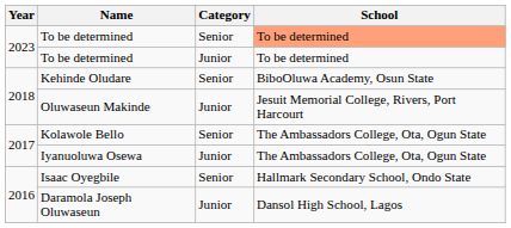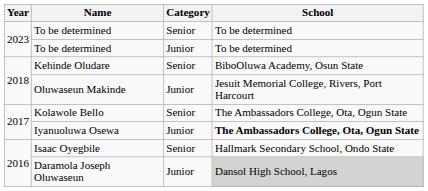 <table class="wikitable">
 <tr>
 <th>Year</th>
 <th>Name</th>
 <th>Category</th>
 <th>School</th>
 </tr>
 <tr>
 <td rowspan="2">2023</td>
 <td>To be determined</td>
 <td>Senior</td>
-<td style="background: lightsalmon;">To be determined</td>
+<td>To be determined</td>
 </tr>
 <tr>
 <td>To be determined</td>
 <td>Junior</td>
 <td>To be determined</td>
 </tr>
 <tr>
 <td rowspan="2">2018</td>
 <td>Kehinde Oludare</td>
 <td>Senior</td>
 <td>BiboOluwa Academy, Osun State</td>
 </tr>
 <tr>
 <td>Oluwaseun Makinde</td>
 <td>Junior</td>
 <td>Jesuit Memorial College, Rivers, Port Harcourt</td>
 </tr>
 <tr>
 <td rowspan="2">2017</td>
 <td>Kolawole Bello</td>
 <td>Senior</td>
 <td>The Ambassadors College, Ota, Ogun State</td>
 </tr>
 <tr>
 <td>Iyanuoluwa Osewa</td>
 <td>Junior</td>
-<td>The Ambassadors College, Ota, Ogun State</td>
+<td><strong>The Ambassadors College, Ota, Ogun State</strong></td>
 </tr>
 <tr>
 <td rowspan="2">2016</td>
 <td>Isaac Oyegbile</td>
 <td>Senior</td>
 <td>Hallmark Secondary School, Ondo State</td>
 </tr>
 <tr>
 <td>Daramola Joseph Oluwaseun</td>
 <td>Junior</td>
-<td>Dansol High School, Lagos</td>
+<td style="background: lightgrey;">Dansol High School, Lagos</td>
 </tr>
 </table>
